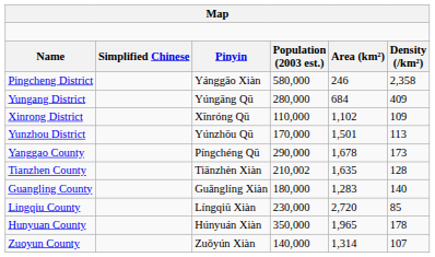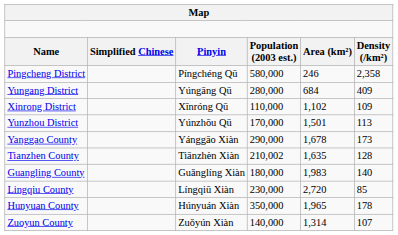 <table class="wikitable" style="font-size:100%; margin:auto;">
 <tr>
 <th colspan="7">Map</th>
 </tr>
 <tr>
 <td colspan="7"><div><br>             </div></td>
 </tr>
 <tr>
 <th>Name</th>
 <th>Simplified <a href='#'>Chinese</a></th>
 <th><a href='#'>Pinyin</a></th>
 <th>Population<br>(2003 est.)</th>
 <th>Area (km²)</th>
 <th>Density<br>(/km²)</th>
 </tr>
 <tr>
 <td><a href='#'>Pingcheng District</a></td>
 <td></td>
-<td>Yánggāo Xiàn</td>
+<td>Píngchéng Qū</td>
 <td>580,000</td>
 <td>246</td>
 <td>2,358</td>
 </tr>
 <tr>
 <td><a href='#'>Yungang District</a></td>
 <td></td>
 <td>Yúngāng Qū</td>
 <td>280,000</td>
 <td>684</td>
 <td>409</td>
 </tr>
 <tr>
 <td><a href='#'>Xinrong District</a></td>
 <td></td>
 <td>Xīnróng Qū</td>
 <td>110,000</td>
 <td>1,102</td>
 <td>109</td>
 </tr>
 <tr>
 <td><a href='#'>Yunzhou District</a></td>
 <td></td>
 <td>Yúnzhōu Qū</td>
 <td>170,000</td>
 <td>1,501</td>
 <td>113</td>
 </tr>
 <tr>
 <td><a href='#'>Yanggao County</a></td>
 <td></td>
-<td>Píngchéng Qū</td>
+<td>Yánggāo Xiàn</td>
 <td>290,000</td>
 <td>1,678</td>
 <td>173</td>
 </tr>
 <tr>
 <td><a href='#'>Tianzhen County</a></td>
 <td></td>
 <td>Tiānzhèn Xiàn</td>
 <td>210,002</td>
 <td>1,635</td>
 <td>128</td>
 </tr>
 <tr>
 <td><a href='#'>Guangling County</a></td>
 <td></td>
 <td>Guǎnglíng Xiàn</td>
 <td>180,000</td>
-<td>1,283</td>
+<td>1,983</td>
 <td>140</td>
 </tr>
 <tr>
 <td><a href='#'>Lingqiu County</a></td>
 <td></td>
 <td>Língqiū Xiàn</td>
 <td>230,000</td>
 <td>2,720</td>
 <td>85</td>
 </tr>
 <tr>
 <td><a href='#'>Hunyuan County</a></td>
 <td></td>
 <td>Húnyuán Xiàn</td>
 <td>350,000</td>
 <td>1,965</td>
 <td>178</td>
 </tr>
 <tr>
 <td><a href='#'>Zuoyun County</a></td>
 <td></td>
 <td>Zuǒyún Xiàn</td>
 <td>140,000</td>
 <td>1,314</td>
 <td>107</td>
 </tr>
 </table>
